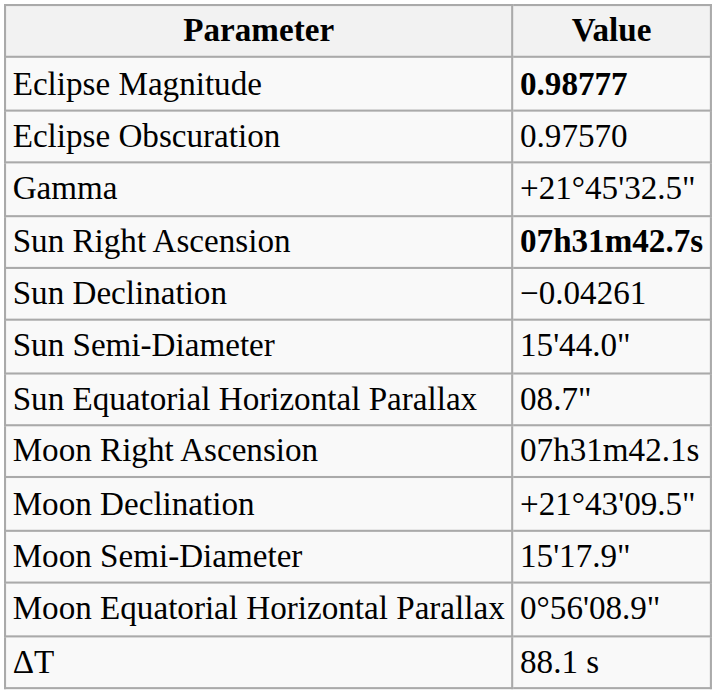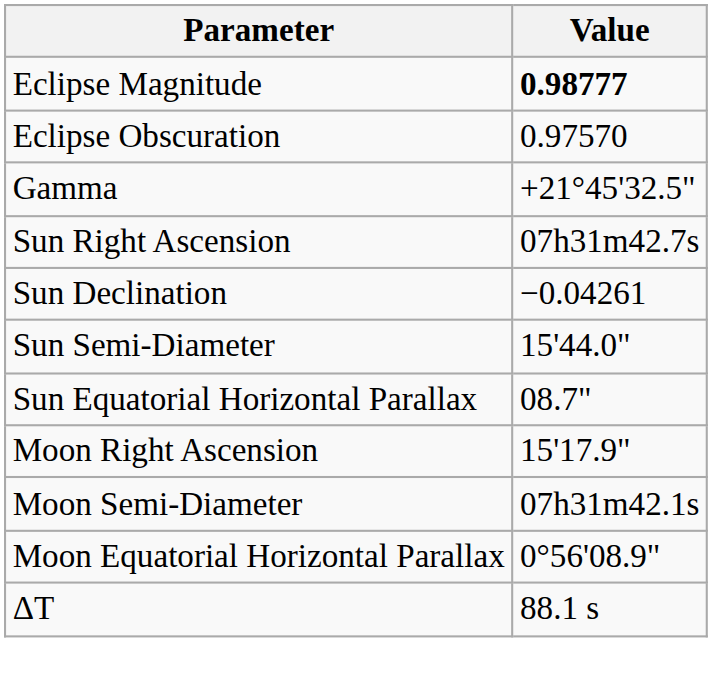 <table class="wikitable">
 <tr>
 <th>Parameter</th>
 <th>Value</th>
 </tr>
 <tr>
 <td>Eclipse Magnitude</td>
 <td><strong>0.98777</strong></td>
 </tr>
 <tr>
 <td>Eclipse Obscuration</td>
 <td>0.97570</td>
 </tr>
 <tr>
 <td>Gamma</td>
 <td>+21°45'32.5"</td>
 </tr>
 <tr>
 <td>Sun Right Ascension</td>
-<td><strong>07h31m42.7s</strong></td>
+<td>07h31m42.7s</td>
 </tr>
 <tr>
 <td>Sun Declination</td>
 <td>−0.04261</td>
 </tr>
 <tr>
 <td>Sun Semi-Diameter</td>
 <td>15'44.0"</td>
 </tr>
 <tr>
 <td>Sun Equatorial Horizontal Parallax</td>
 <td>08.7"</td>
 </tr>
 <tr>
 <td>Moon Right Ascension</td>
-<td>07h31m42.1s</td>
-</tr>
-<tr>
-<td>Moon Declination</td>
-<td>+21°43'09.5"</td>
+<td>15'17.9"</td>
 </tr>
 <tr>
 <td>Moon Semi-Diameter</td>
-<td>15'17.9"</td>
+<td>07h31m42.1s</td>
 </tr>
 <tr>
 <td>Moon Equatorial Horizontal Parallax</td>
 <td>0°56'08.9"</td>
 </tr>
 <tr>
 <td>ΔT</td>
 <td>88.1 s</td>
 </tr>
 </table>
